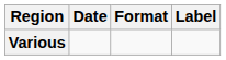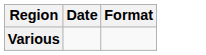 <table class="wikitable plainrowheaders">
 <tr>
 <th scope="col">Region</th>
 <th scope="col">Date</th>
 <th scope="col">Format</th>
-<th scope="col">Label</th>
 </tr>
 <tr>
 <th scope="row">Various</th>
 <td></td>
 <td></td>
-<td rowspan="1"></td>
 </tr>
 </table>
